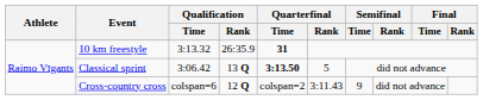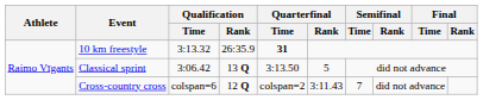 <table class="wikitable" style="font-size:90%">
 <tr>
 <th rowspan="2">Athlete</th>
 <th rowspan="2">Event</th>
 <th colspan="2">Qualification</th>
 <th colspan="2">Quarterfinal</th>
 <th colspan="2">Semifinal</th>
 <th colspan="2">Final</th>
 </tr>
 <tr style="font-size:95%">
 <th>Time</th>
 <th>Rank</th>
 <th>Time</th>
 <th>Rank</th>
 <th>Time</th>
 <th>Rank</th>
 <th>Time</th>
 <th>Rank</th>
 </tr>
 <tr align=center>
 <td align=left rowspan=3><a href='#'>Raimo Vīgants</a></td>
 <td align=left><a href='#'>10 km freestyle</a></td>
 <td>3:13.32</td>
 <td>26:35.9</td>
 <td><strong>31</strong></td>
 </tr>
 <tr align=center>
 <td align=left><a href='#'>Classical sprint</a></td>
 <td>3:06.42</td>
 <td>13 <strong>Q</strong></td>
-<td><strong>3:13.50</strong></td>
+<td>3:13.50</td>
 <td>5</td>
 <td colspan=4>did not advance</td>
 </tr>
 <tr align=center>
 <td align=left><a href='#'>Cross-country cross</a></td>
 <td>colspan=6 </td>
 <td>12 <strong>Q</strong></td>
 <td>colspan=2 </td>
 <td>3:11.43</td>
-<td>9</td>
+<td>7</td>
 <td colspan=2>did not advance</td>
 </tr>
 </table>
